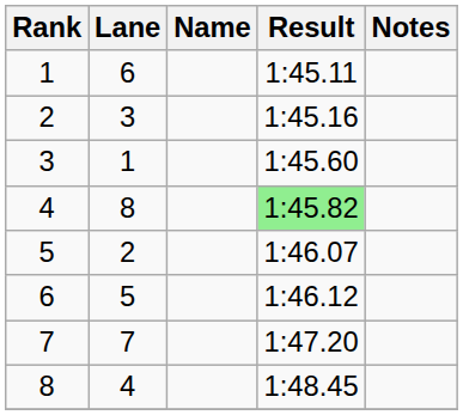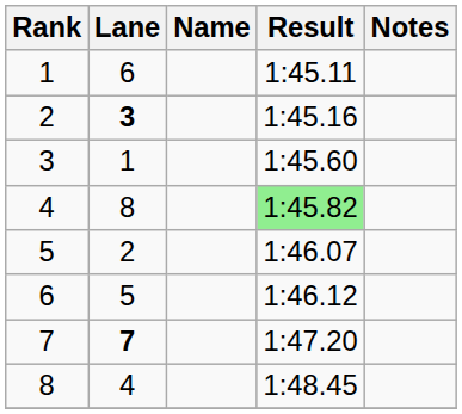 <table class="wikitable sortable" style="text-align:center">
 <tr>
 <th>Rank</th>
 <th>Lane</th>
 <th>Name</th>
 <th>Result</th>
 <th>Notes</th>
 </tr>
 <tr>
 <td>1</td>
 <td>6</td>
 <td align="left"></td>
 <td>1:45.11</td>
 <td></td>
 </tr>
 <tr>
 <td>2</td>
-<td>3</td>
+<td><strong>3</strong></td>
 <td align="left"></td>
 <td>1:45.16</td>
 <td></td>
 </tr>
 <tr>
 <td>3</td>
 <td>1</td>
 <td align="left"></td>
 <td>1:45.60</td>
 <td></td>
 </tr>
 <tr>
 <td>4</td>
 <td>8</td>
 <td align="left"></td>
 <td style="background: lightgreen;">1:45.82</td>
 <td></td>
 </tr>
 <tr>
 <td>5</td>
 <td>2</td>
 <td align="left"></td>
 <td>1:46.07</td>
 <td></td>
 </tr>
 <tr>
 <td>6</td>
 <td>5</td>
 <td align="left"></td>
 <td>1:46.12</td>
 <td></td>
 </tr>
 <tr>
 <td>7</td>
-<td>7</td>
+<td><strong>7</strong></td>
 <td align="left"></td>
 <td>1:47.20</td>
 <td></td>
 </tr>
 <tr>
 <td>8</td>
 <td>4</td>
 <td align="left"></td>
 <td>1:48.45</td>
 <td></td>
 </tr>
 <tr>
 </tr>
 </table>
